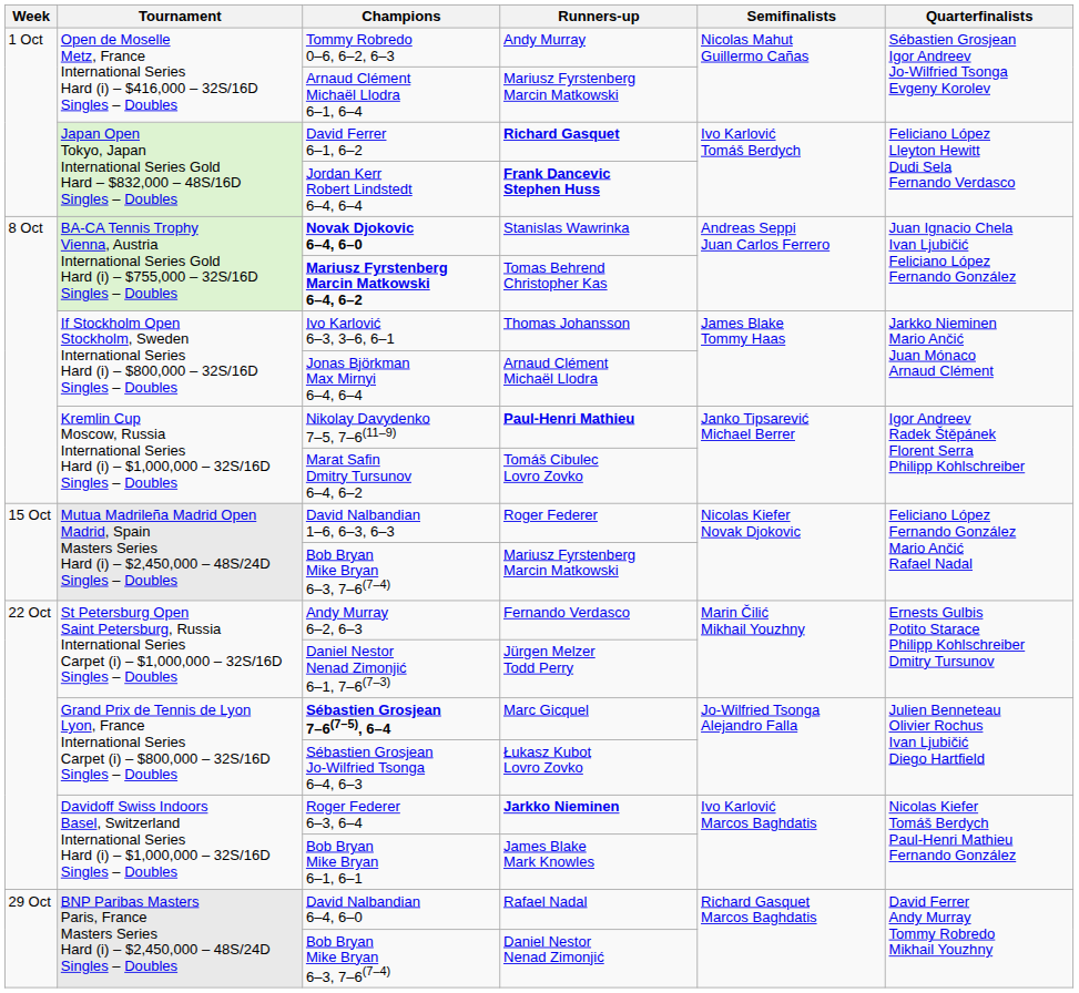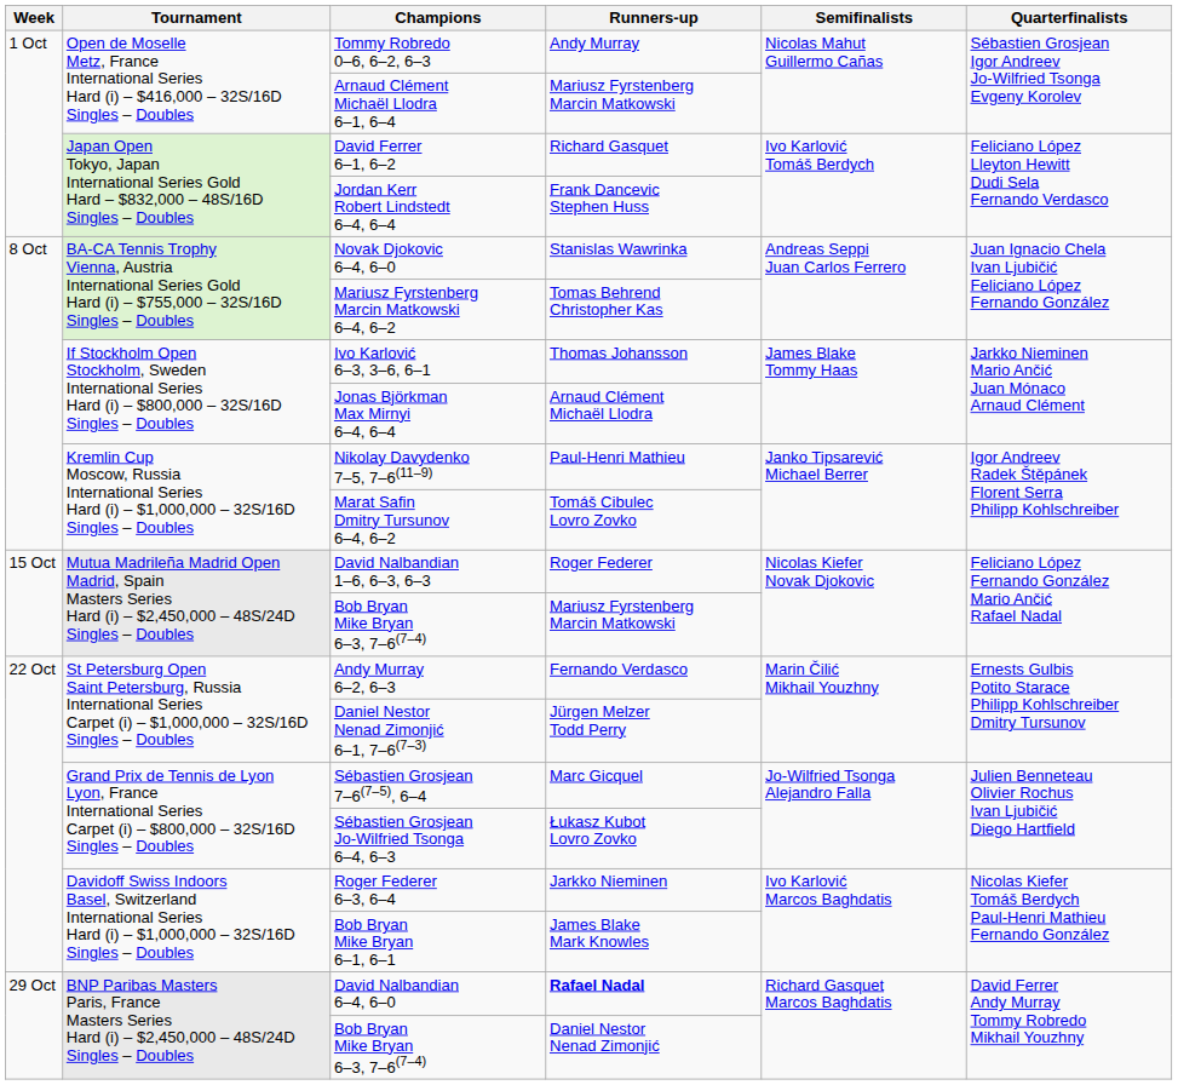 <table class=wikitable style=font-size:95%>
 <tr>
 <th style="width:48px;">Week</th>
 <th style="width:250px;">Tournament</th>
 <th style="width:200px;">Champions</th>
 <th style="width:200px;">Runners-up</th>
 <th style="width:190px;">Semifinalists</th>
 <th style="width:190px;">Quarterfinalists</th>
 </tr>
 <tr valign=top>
 <td rowspan=4>1 Oct</td>
 <td rowspan=2><a href='#'>Open de Moselle</a><br> <a href='#'>Metz</a>, France<br>International Series<br>Hard (i) – $416,000 – 32S/16D<br><a href='#'>Singles</a> – <a href='#'>Doubles</a></td>
 <td> <a href='#'>Tommy Robredo</a><br>0–6, 6–2, 6–3</td>
 <td> <a href='#'>Andy Murray</a></td>
 <td rowspan=2> <a href='#'>Nicolas Mahut</a><br> <a href='#'>Guillermo Cañas</a></td>
 <td rowspan=2> <a href='#'>Sébastien Grosjean</a><br> <a href='#'>Igor Andreev</a><br> <a href='#'>Jo-Wilfried Tsonga</a><br> <a href='#'>Evgeny Korolev</a></td>
 </tr>
 <tr valign=top>
 <td> <a href='#'>Arnaud Clément</a><br> <a href='#'>Michaël Llodra</a><br>6–1, 6–4</td>
 <td> <a href='#'>Mariusz Fyrstenberg</a><br> <a href='#'>Marcin Matkowski</a></td>
 </tr>
 <tr valign=top>
 <td bgcolor=#DDF3D1  rowspan=2><a href='#'>Japan Open</a><br> Tokyo, Japan<br>International Series Gold<br>Hard – $832,000 – 48S/16D<br><a href='#'>Singles</a> – <a href='#'>Doubles</a></td>
 <td> <a href='#'>David Ferrer</a> <br> 6–1, 6–2</td>
-<td><strong> <a href='#'>Richard Gasquet</a></strong></td>
+<td> <a href='#'>Richard Gasquet</a></td>
 <td rowspan=2> <a href='#'>Ivo Karlović</a><br>  <a href='#'>Tomáš Berdych</a></td>
 <td rowspan=2> <a href='#'>Feliciano López</a><br> <a href='#'>Lleyton Hewitt</a><br> <a href='#'>Dudi Sela</a><br> <a href='#'>Fernando Verdasco</a></td>
 </tr>
 <tr valign=top>
 <td> <a href='#'>Jordan Kerr</a><br> <a href='#'>Robert Lindstedt</a><br> 6–4, 6–4</td>
-<td><strong> <a href='#'>Frank Dancevic</a><br> <a href='#'>Stephen Huss</a></strong></td>
+<td> <a href='#'>Frank Dancevic</a><br> <a href='#'>Stephen Huss</a></td>
 </tr>
 <tr valign=top>
 <td rowspan=6>8 Oct</td>
 <td bgcolor=#DDF3D1  rowspan=2><a href='#'>BA-CA Tennis Trophy</a><br> <a href='#'>Vienna</a>, Austria<br>International Series Gold<br>Hard (i) – $755,000 – 32S/16D<br><a href='#'>Singles</a> – <a href='#'>Doubles</a></td>
-<td><strong> <a href='#'>Novak Djokovic</a><br>6–4, 6–0</strong></td>
+<td> <a href='#'>Novak Djokovic</a><br>6–4, 6–0</td>
 <td> <a href='#'>Stanislas Wawrinka</a></td>
 <td rowspan=2> <a href='#'>Andreas Seppi</a><br> <a href='#'>Juan Carlos Ferrero</a></td>
 <td rowspan=2> <a href='#'>Juan Ignacio Chela</a><br> <a href='#'>Ivan Ljubičić</a><br> <a href='#'>Feliciano López</a><br> <a href='#'>Fernando González</a></td>
 </tr>
 <tr valign=top>
-<td><strong> <a href='#'>Mariusz Fyrstenberg</a><br> <a href='#'>Marcin Matkowski</a><br>6–4, 6–2</strong></td>
+<td> <a href='#'>Mariusz Fyrstenberg</a><br> <a href='#'>Marcin Matkowski</a><br>6–4, 6–2</td>
 <td> <a href='#'>Tomas Behrend</a><br> <a href='#'>Christopher Kas</a></td>
 </tr>
 <tr valign=top>
 <td rowspan=2><a href='#'>If Stockholm Open</a><br>  <a href='#'>Stockholm</a>, Sweden<br>International Series<br>Hard (i) – $800,000 – 32S/16D<br><a href='#'>Singles</a> – <a href='#'>Doubles</a></td>
 <td> <a href='#'>Ivo Karlović</a><br>6–3, 3–6, 6–1</td>
 <td> <a href='#'>Thomas Johansson</a></td>
 <td rowspan=2> <a href='#'>James Blake</a><br> <a href='#'>Tommy Haas</a></td>
 <td rowspan=2> <a href='#'>Jarkko Nieminen</a><br> <a href='#'>Mario Ančić</a><br> <a href='#'>Juan Mónaco</a><br> <a href='#'>Arnaud Clément</a></td>
 </tr>
 <tr valign=top>
 <td> <a href='#'>Jonas Björkman</a><br> <a href='#'>Max Mirnyi</a><br>6–4, 6–4</td>
 <td> <a href='#'>Arnaud Clément</a><br> <a href='#'>Michaël Llodra</a></td>
 </tr>
 <tr valign=top>
 <td rowspan=2><a href='#'>Kremlin Cup</a><br>  Moscow, Russia<br>International Series<br>Hard (i) – $1,000,000 – 32S/16D<br><a href='#'>Singles</a> – <a href='#'>Doubles</a></td>
 <td> <a href='#'>Nikolay Davydenko</a><br>7–5, 7–6<sup>(11–9)</sup></td>
-<td><strong> <a href='#'>Paul-Henri Mathieu</a></strong></td>
+<td> <a href='#'>Paul-Henri Mathieu</a></td>
 <td rowspan=2> <a href='#'>Janko Tipsarević</a><br> <a href='#'>Michael Berrer</a></td>
 <td rowspan=2> <a href='#'>Igor Andreev</a><br>  <a href='#'>Radek Štěpánek</a><br>  <a href='#'>Florent Serra</a><br>  <a href='#'>Philipp Kohlschreiber</a></td>
 </tr>
 <tr valign=top>
 <td> <a href='#'>Marat Safin</a><br> <a href='#'>Dmitry Tursunov</a><br>6–4, 6–2</td>
 <td> <a href='#'>Tomáš Cibulec</a><br> <a href='#'>Lovro Zovko</a></td>
 </tr>
 <tr valign=top>
 <td rowspan=2>15 Oct</td>
 <td bgcolor=#E9E9E9  rowspan=2><a href='#'>Mutua Madrileña Madrid Open</a><br>  <a href='#'>Madrid</a>, Spain<br>Masters Series<br>Hard (i) – $2,450,000 – 48S/24D<br><a href='#'>Singles</a> – <a href='#'>Doubles</a></td>
 <td> <a href='#'>David Nalbandian</a><br> 1–6, 6–3, 6–3</td>
 <td> <a href='#'>Roger Federer</a></td>
 <td rowspan=2> <a href='#'>Nicolas Kiefer</a><br>  <a href='#'>Novak Djokovic</a></td>
 <td rowspan=2> <a href='#'>Feliciano López</a><br> <a href='#'>Fernando González</a><br> <a href='#'>Mario Ančić</a><br> <a href='#'>Rafael Nadal</a></td>
 </tr>
 <tr valign=top>
 <td> <a href='#'>Bob Bryan</a><br> <a href='#'>Mike Bryan</a><br>6–3, 7–6<sup>(7–4)</sup></td>
 <td> <a href='#'>Mariusz Fyrstenberg</a><br> <a href='#'>Marcin Matkowski</a></td>
 </tr>
 <tr valign=top>
 <td rowspan=6>22 Oct</td>
 <td rowspan=2><a href='#'>St Petersburg Open</a><br>  <a href='#'>Saint Petersburg</a>, Russia<br>International Series<br>Carpet (i) – $1,000,000 – 32S/16D<br><a href='#'>Singles</a> – <a href='#'>Doubles</a></td>
 <td> <a href='#'>Andy Murray</a><br>6–2, 6–3</td>
 <td> <a href='#'>Fernando Verdasco</a></td>
 <td rowspan=2> <a href='#'>Marin Čilić</a><br> <a href='#'>Mikhail Youzhny</a></td>
 <td rowspan=2> <a href='#'>Ernests Gulbis</a><br> <a href='#'>Potito Starace</a> <br> <a href='#'>Philipp Kohlschreiber</a><br> <a href='#'>Dmitry Tursunov</a></td>
 </tr>
 <tr valign=top>
 <td> <a href='#'>Daniel Nestor</a><br> <a href='#'>Nenad Zimonjić</a><br>6–1, 7–6<sup>(7–3)</sup></td>
 <td> <a href='#'>Jürgen Melzer</a><br> <a href='#'>Todd Perry</a></td>
 </tr>
 <tr valign=top>
 <td rowspan=2><a href='#'>Grand Prix de Tennis de Lyon</a><br>  <a href='#'>Lyon</a>, France<br>International Series<br>Carpet (i) – $800,000 – 32S/16D<br><a href='#'>Singles</a> – <a href='#'>Doubles</a></td>
-<td><strong> <a href='#'>Sébastien Grosjean</a><br>7–6<sup>(7–5)</sup>, 6–4</strong></td>
+<td> <a href='#'>Sébastien Grosjean</a><br>7–6<sup>(7–5)</sup>, 6–4</td>
 <td> <a href='#'>Marc Gicquel</a></td>
 <td rowspan=2> <a href='#'>Jo-Wilfried Tsonga</a><br> <a href='#'>Alejandro Falla</a></td>
 <td rowspan=2> <a href='#'>Julien Benneteau</a><br> <a href='#'>Olivier Rochus</a><br> <a href='#'>Ivan Ljubičić</a><br> <a href='#'>Diego Hartfield</a></td>
 </tr>
 <tr valign=top>
 <td> <a href='#'>Sébastien Grosjean</a><br> <a href='#'>Jo-Wilfried Tsonga</a> <br>6–4, 6–3</td>
 <td> <a href='#'>Łukasz Kubot</a><br> <a href='#'>Lovro Zovko</a></td>
 </tr>
 <tr valign=top>
 <td rowspan=2><a href='#'>Davidoff Swiss Indoors</a><br>  <a href='#'>Basel</a>, Switzerland<br>International Series<br>Hard (i) – $1,000,000 – 32S/16D<br><a href='#'>Singles</a> – <a href='#'>Doubles</a></td>
 <td> <a href='#'>Roger Federer</a><br>6–3, 6–4</td>
-<td><strong> <a href='#'>Jarkko Nieminen</a></strong></td>
+<td> <a href='#'>Jarkko Nieminen</a></td>
 <td rowspan=2> <a href='#'>Ivo Karlović</a><br> <a href='#'>Marcos Baghdatis</a></td>
 <td rowspan=2> <a href='#'>Nicolas Kiefer</a><br> <a href='#'>Tomáš Berdych</a><br> <a href='#'>Paul-Henri Mathieu</a><br> <a href='#'>Fernando González</a></td>
 </tr>
 <tr valign=top>
 <td> <a href='#'>Bob Bryan</a><br> <a href='#'>Mike Bryan</a><br>6–1, 6–1</td>
 <td> <a href='#'>James Blake</a><br> <a href='#'>Mark Knowles</a></td>
 </tr>
 <tr valign=top>
 <td rowspan=2>29 Oct</td>
 <td bgcolor=#E9E9E9  rowspan=2><a href='#'>BNP Paribas Masters</a><br>  Paris, France<br>Masters Series<br>Hard (i) – $2,450,000 – 48S/24D<br><a href='#'>Singles</a> – <a href='#'>Doubles</a></td>
 <td> <a href='#'>David Nalbandian</a><br>6–4, 6–0</td>
-<td> <a href='#'>Rafael Nadal</a></td>
+<td><strong> <a href='#'>Rafael Nadal</a></strong></td>
 <td rowspan=2> <a href='#'>Richard Gasquet</a><br> <a href='#'>Marcos Baghdatis</a></td>
 <td rowspan=2> <a href='#'>David Ferrer</a><br>  <a href='#'>Andy Murray</a><br>  <a href='#'>Tommy Robredo</a><br> <a href='#'>Mikhail Youzhny</a></td>
 </tr>
 <tr valign=top>
 <td> <a href='#'>Bob Bryan</a><br> <a href='#'>Mike Bryan</a><br>6–3, 7–6<sup>(7–4)</sup></td>
 <td> <a href='#'>Daniel Nestor</a><br> <a href='#'>Nenad Zimonjić</a></td>
 </tr>
 </table>
